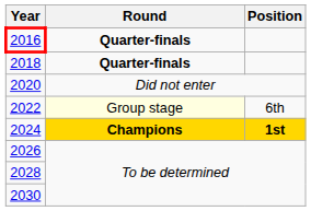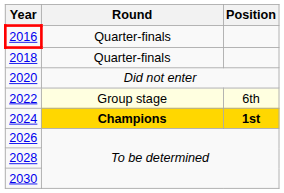 <table class="wikitable" style="text-align: center; font-size:90%">
 <tr>
 <th>Year</th>
 <th style="width:200px">Round</th>
 <th>Position</th>
 </tr>
 <tr>
 <td style="border: 3px solid red"><a href='#'>2016</a></td>
-<td><strong>Quarter-finals</strong></td>
+<td>Quarter-finals</td>
 <td></td>
 </tr>
 <tr>
 <td><a href='#'>2018</a></td>
-<td><strong>Quarter-finals</strong></td>
+<td>Quarter-finals</td>
 <td></td>
 </tr>
 <tr>
 <td><a href='#'>2020</a></td>
 <td colspan="2"><em>Did not enter</em></td>
 </tr>
 <tr>
 <td><a href='#'>2022</a></td>
 <td style="background: lightyellow;">Group stage</td>
-<td>6th</td>
+<td style="background: lightyellow;">6th</td>
 </tr>
 <tr>
 <td><a href='#'>2024</a></td>
 <td bgcolor=Gold><strong>Champions</strong></td>
 <td bgcolor=Gold><strong>1st</strong></td>
 </tr>
 <tr>
 <td><a href='#'>2026</a></td>
 <td colspan="2" rowspan="3"><em>To be determined</em></td>
 </tr>
 <tr>
 <td><a href='#'>2028</a></td>
 </tr>
 <tr>
 <td><a href='#'>2030</a></td>
 </tr>
 </table>
